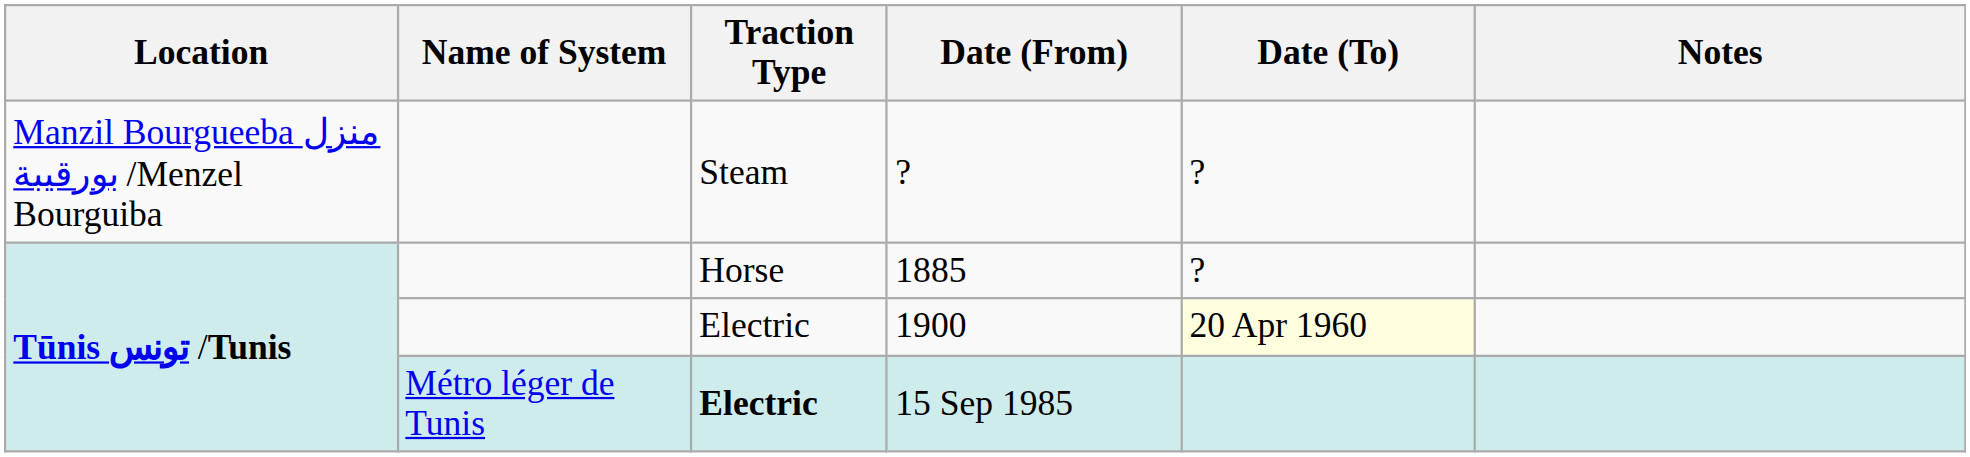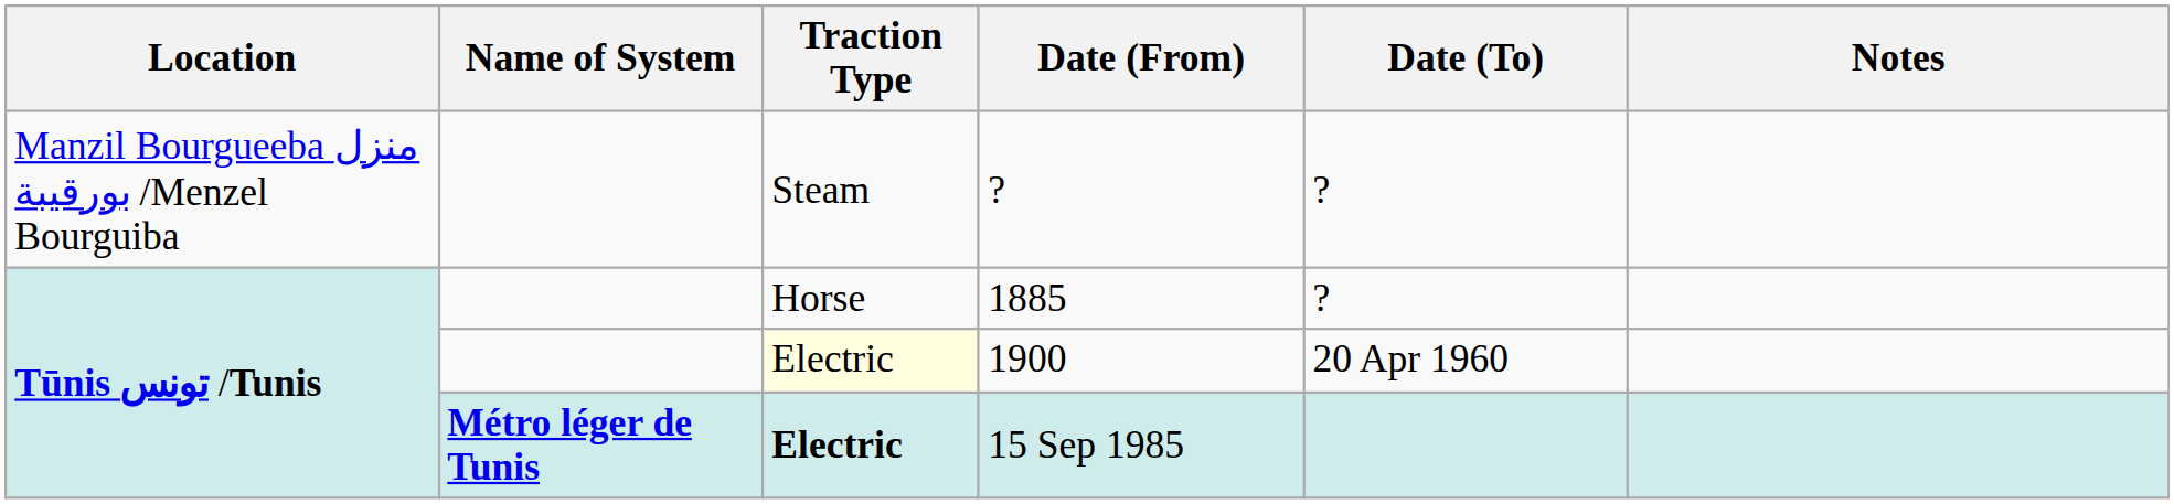 <table class="wikitable" style="width:100%;">
 <tr>
 <th style="width:20%;">Location</th>
 <th style="width:15%;">Name of System</th>
 <th style="width:10%;">Traction<br>Type</th>
 <th style="width:15%;">Date (From)</th>
 <th style="width:15%;">Date (To)</th>
 <th style="width:25%;">Notes</th>
 </tr>
 <tr>
 <td><a href='#'>Manzil Bourgueeba منزل بورقيبة</a> /Menzel Bourguiba</td>
 <td> </td>
 <td>Steam</td>
 <td>?</td>
 <td>?</td>
 <td> </td>
 </tr>
 <tr>
 <td style="background:#CFECEC" rowspan="3"><strong><a href='#'>Tūnis تونس</a></strong> /<strong>Tunis</strong></td>
 <td> </td>
 <td>Horse</td>
 <td>1885</td>
 <td>?</td>
 <td> </td>
 </tr>
 <tr>
 <td> </td>
-<td>Electric</td>
+<td style="background: lightyellow;">Electric</td>
 <td>1900</td>
-<td style="background: lightyellow;">20 Apr 1960</td>
+<td>20 Apr 1960</td>
 <td> </td>
 </tr>
 <tr>
-<td style="background:#CFECEC"><a href='#'>Métro léger de Tunis</a></td>
+<td style="background:#CFECEC"><strong><a href='#'>Métro léger de Tunis</a></strong></td>
 <td style="background:#CFECEC"><strong>Electric</strong></td>
 <td style="background:#CFECEC">15 Sep 1985</td>
 <td style="background:#CFECEC"> </td>
 <td style="background:#CFECEC"> </td>
 </tr>
 </table>
